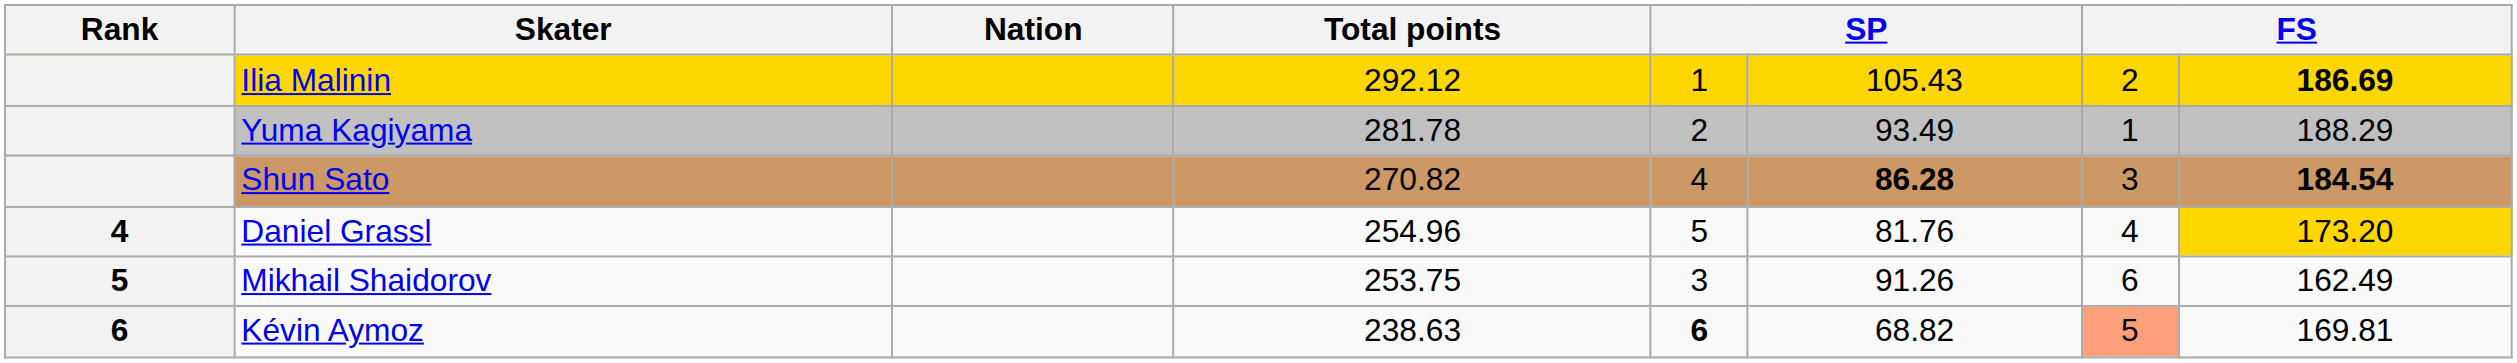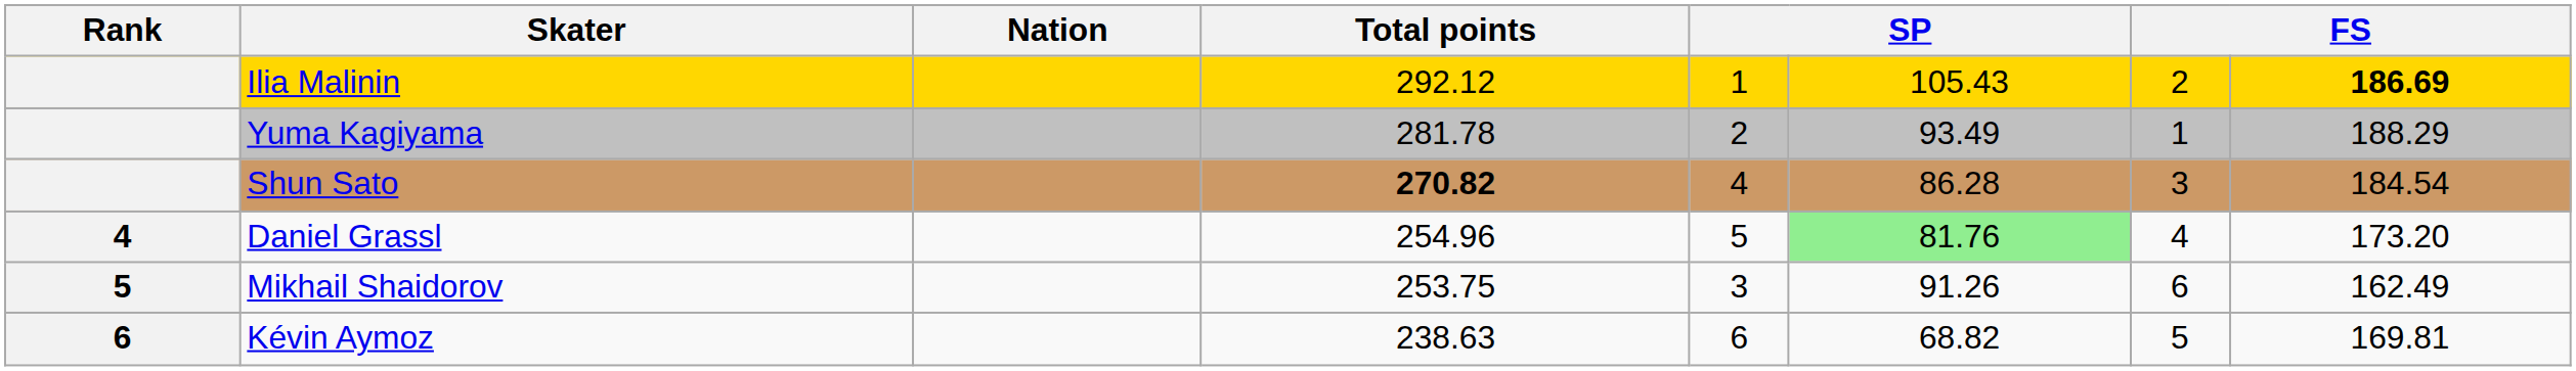 <table class="wikitable sortable" style="text-align:center;" width="80%">
 <tr>
 <th scope="col">Rank</th>
 <th scope="col">Skater</th>
 <th scope="col">Nation</th>
 <th scope="col">Total points</th>
 <th scope="col" colspan="2" width="80px"><a href='#'>SP</a></th>
 <th scope="col" colspan="2" width="80px"><a href='#'>FS</a></th>
 </tr>
 <tr bgcolor="gold">
 <th scope="row"></th>
 <td align="left"><a href='#'>Ilia Malinin</a></td>
 <td align="left"></td>
 <td>292.12</td>
 <td>1</td>
 <td>105.43</td>
 <td>2</td>
 <td><strong>186.69</strong></td>
 </tr>
 <tr bgcolor="silver">
 <th scope="row"></th>
 <td align="left"><a href='#'>Yuma Kagiyama</a></td>
 <td align="left"></td>
 <td>281.78</td>
 <td>2</td>
 <td>93.49</td>
 <td>1</td>
 <td>188.29</td>
 </tr>
 <tr bgcolor="cc9966">
 <th scope="row"></th>
 <td align="left"><a href='#'>Shun Sato</a></td>
 <td align="left"></td>
-<td>270.82</td>
+<td><strong>270.82</strong></td>
 <td>4</td>
-<td><strong>86.28</strong></td>
+<td>86.28</td>
 <td>3</td>
-<td><strong>184.54</strong></td>
+<td>184.54</td>
 </tr>
 <tr>
 <th scope="row">4</th>
 <td align="left"><a href='#'>Daniel Grassl</a></td>
 <td align="left"></td>
 <td>254.96</td>
 <td>5</td>
-<td>81.76</td>
+<td style="background: lightgreen;">81.76</td>
 <td>4</td>
-<td style="background: gold;">173.20</td>
+<td>173.20</td>
 </tr>
 <tr>
 <th scope="row">5</th>
 <td align="left"><a href='#'>Mikhail Shaidorov</a></td>
 <td align="left"></td>
 <td>253.75</td>
 <td>3</td>
 <td>91.26</td>
 <td>6</td>
 <td>162.49</td>
 </tr>
 <tr>
 <th scope="row">6</th>
 <td align="left"><a href='#'>Kévin Aymoz</a></td>
 <td align="left"></td>
 <td>238.63</td>
-<td><strong>6</strong></td>
+<td>6</td>
 <td>68.82</td>
-<td style="background: lightsalmon;">5</td>
+<td>5</td>
 <td>169.81</td>
 </tr>
 </table>
